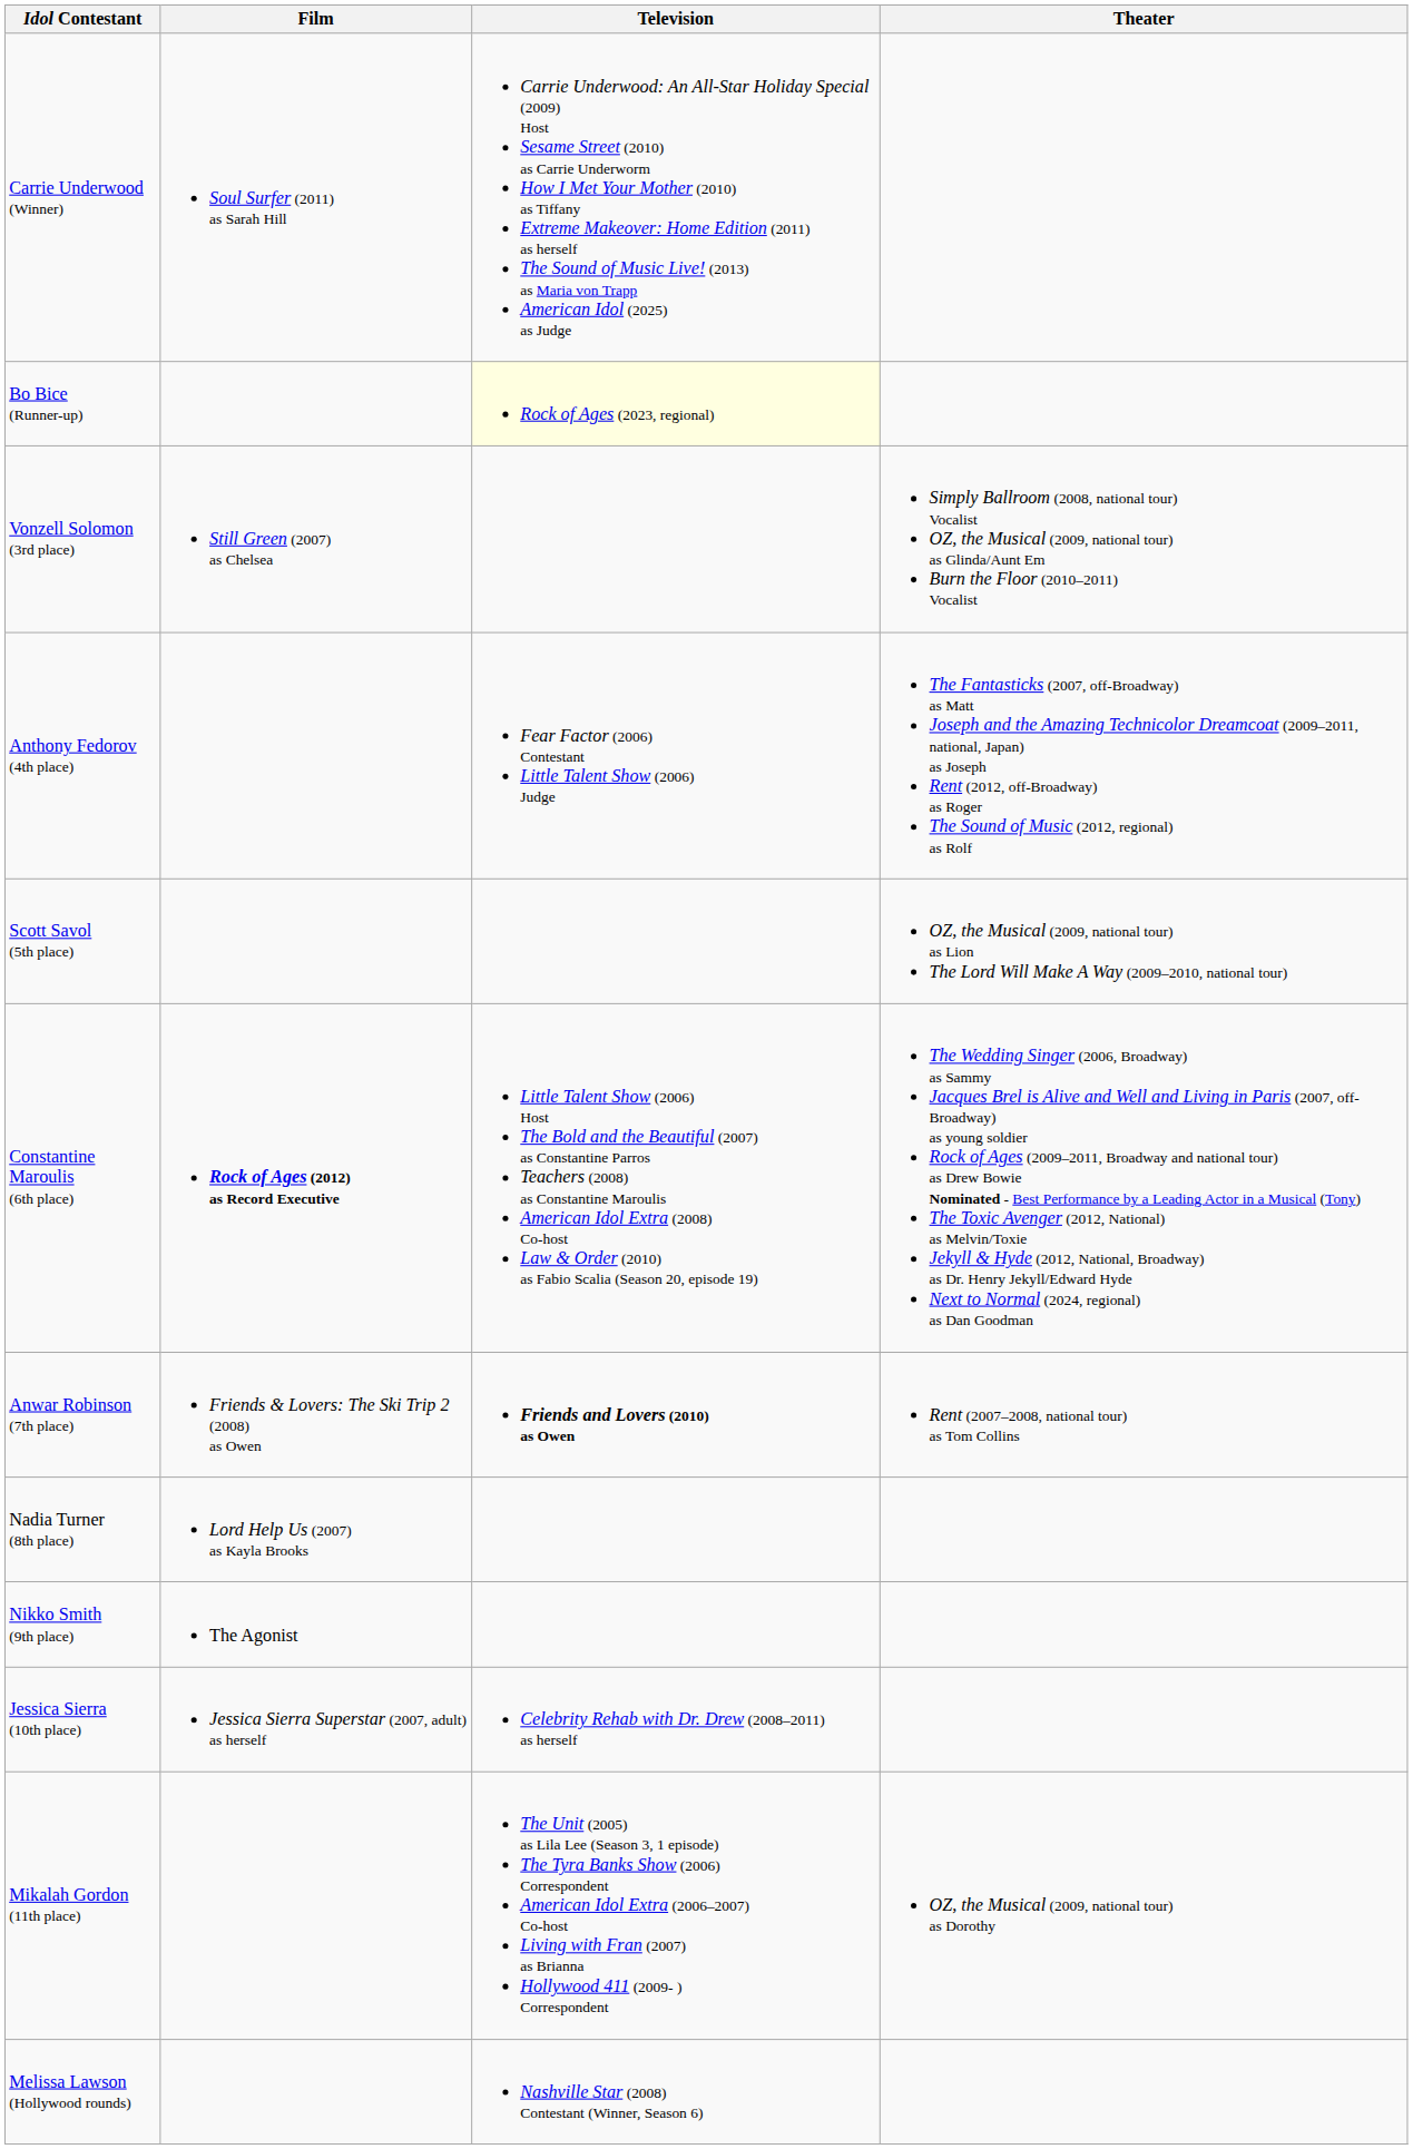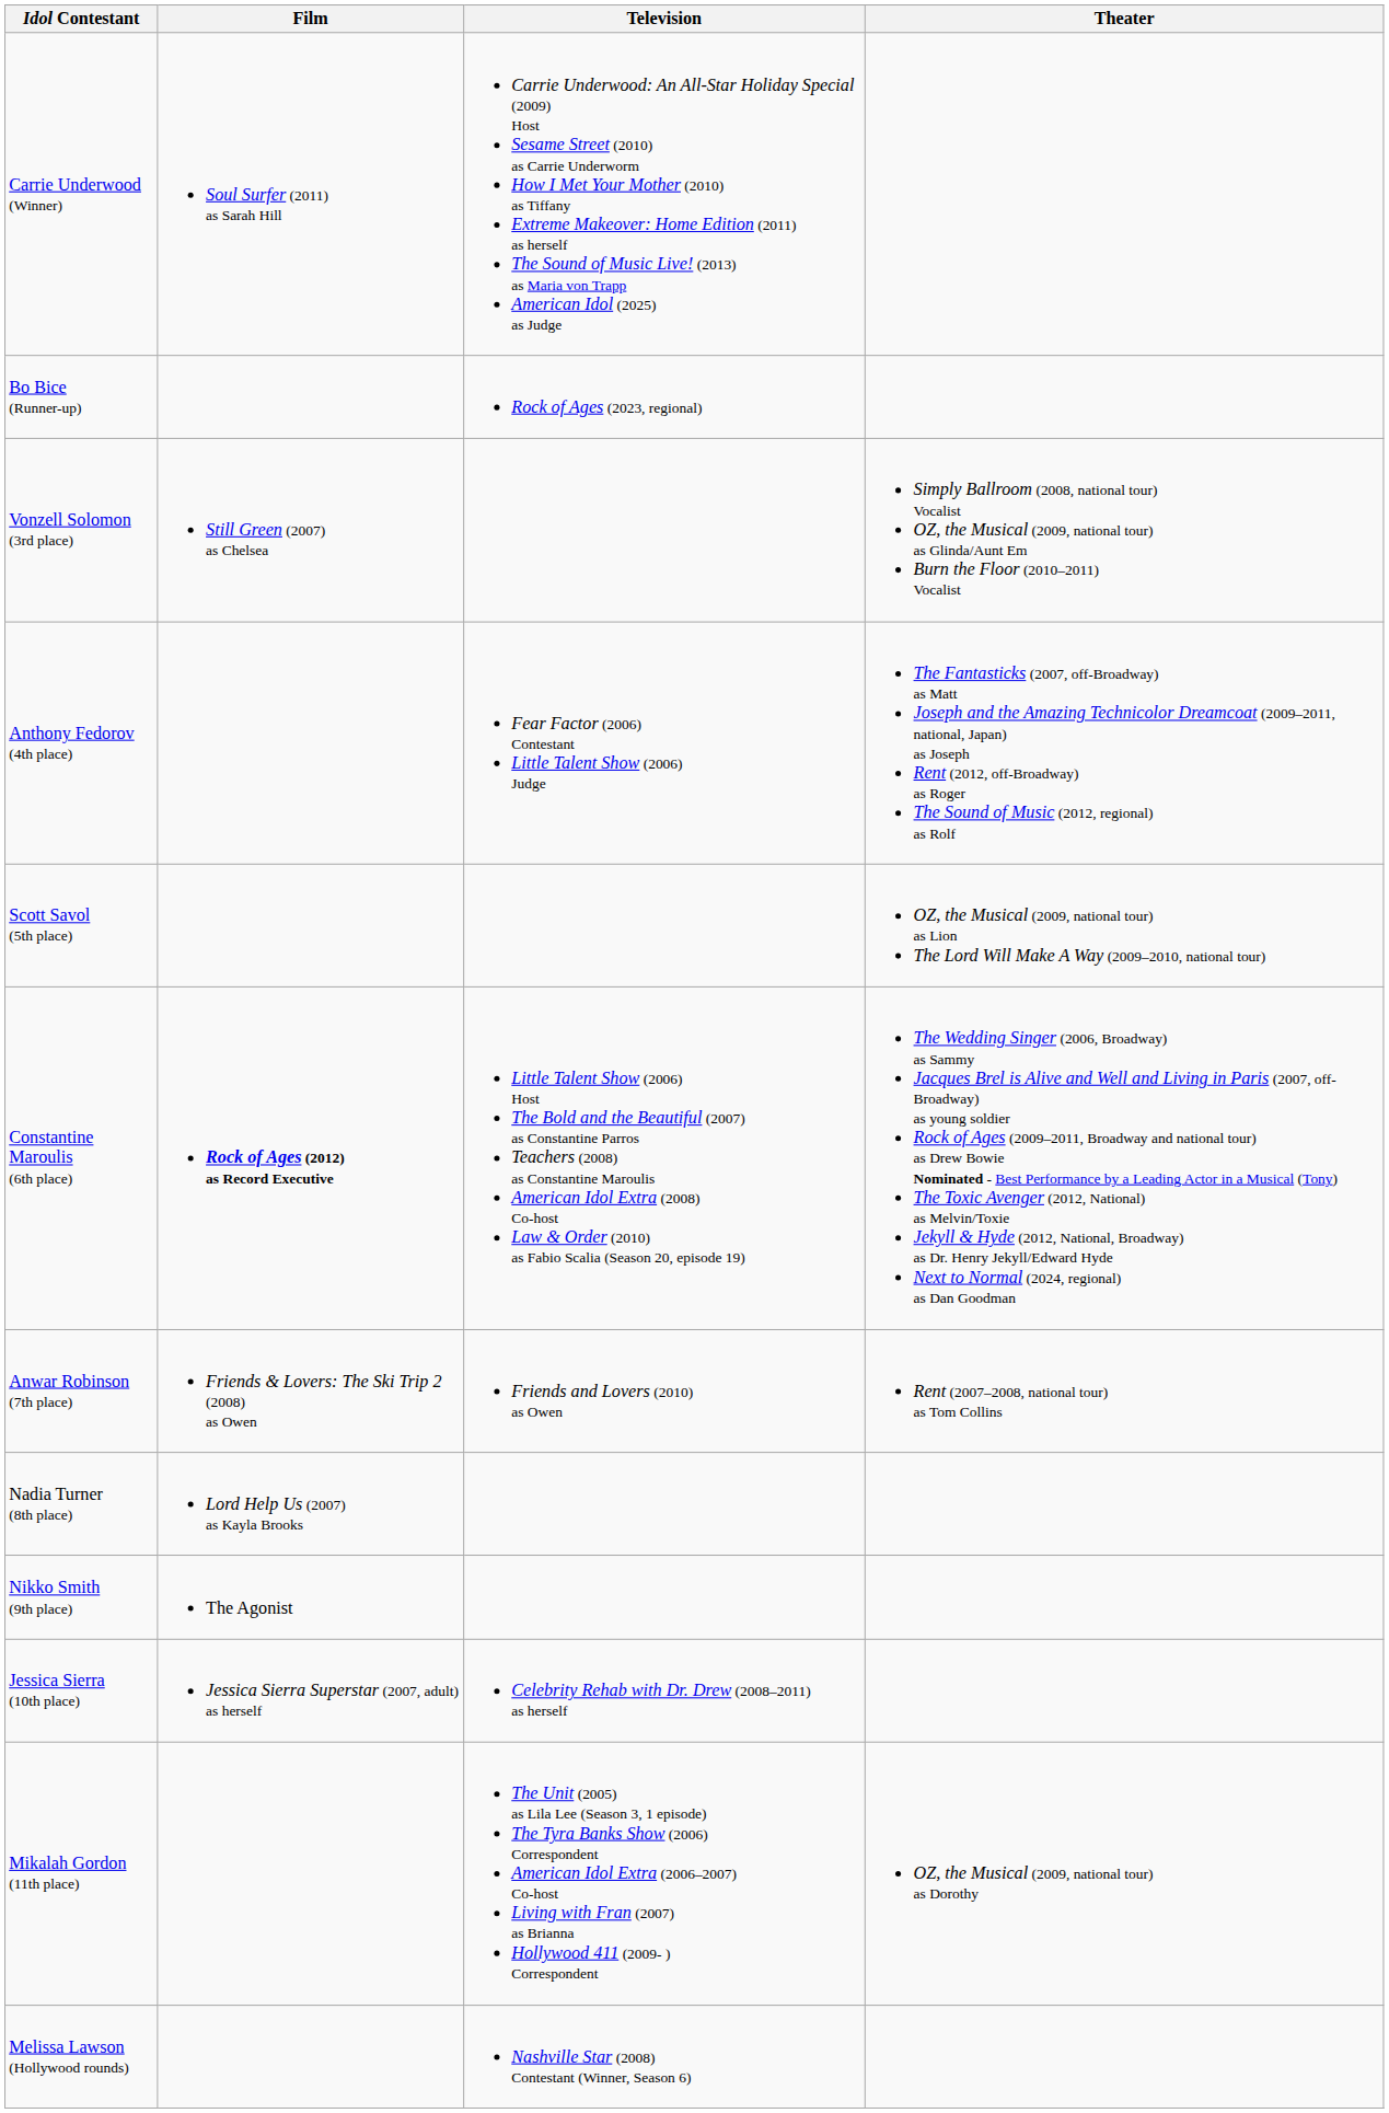 <table class="wikitable">
 <tr>
 <th><em>Idol</em> Contestant</th>
 <th>Film</th>
 <th>Television</th>
 <th>Theater</th>
 </tr>
 <tr>
 <td><a href='#'>Carrie Underwood</a><br><small>(Winner)</small></td>
 <td><br><ul><li><em><a href='#'>Soul Surfer</a></em><small> (2011)<br>as Sarah Hill</small></li></ul></td>
 <td><br><ul><li><em>Carrie Underwood: An All-Star Holiday Special</em><small> (2009)<br>Host</small></li><li><em><a href='#'>Sesame Street</a></em><small> (2010)<br>as Carrie Underworm</small></li><li><em><a href='#'>How I Met Your Mother</a></em><small> (2010)<br>as Tiffany</small></li><li><em><a href='#'>Extreme Makeover: Home Edition</a></em><small> (2011)<br>as herself</small></li><li><em><a href='#'>The Sound of Music Live!</a></em><small> (2013)<br>as <a href='#'>Maria von Trapp</a></small></li><li><em><a href='#'>American Idol</a></em><small> (2025)<br>as Judge</small></li></ul></td>
 <td></td>
 </tr>
 <tr>
 <td><a href='#'>Bo Bice</a><br><small>(Runner-up)</small></td>
 <td></td>
-<td style="background: lightyellow;"><br><ul><li><em><a href='#'>Rock of Ages</a></em><small> (2023, regional)</small></li></ul></td>
+<td><br><ul><li><em><a href='#'>Rock of Ages</a></em><small> (2023, regional)</small></li></ul></td>
 <td></td>
 </tr>
 <tr>
 <td><a href='#'>Vonzell Solomon</a><br><small>(3rd place)</small></td>
 <td><br><ul><li><em><a href='#'>Still Green</a></em><small> (2007)<br>as Chelsea</small></li></ul></td>
 <td></td>
 <td><br><ul><li><em>Simply Ballroom</em><small> (2008, national tour)<br>Vocalist</small></li><li><em>OZ, the Musical</em><small> (2009, national tour)<br>as Glinda/Aunt Em</small></li><li><em>Burn the Floor</em><small> (2010–2011)</small><br><small>Vocalist</small></li></ul></td>
 </tr>
 <tr>
 <td><a href='#'>Anthony Fedorov</a><br><small>(4th place)</small></td>
 <td></td>
 <td><br><ul><li><em>Fear Factor</em><small> (2006)<br>Contestant</small></li><li><em><a href='#'>Little Talent Show</a></em><small> (2006)<br>Judge</small></li></ul></td>
 <td><br><ul><li><em><a href='#'>The Fantasticks</a></em><small> (2007, off-Broadway)<br>as Matt</small></li><li><em><a href='#'>Joseph and the Amazing Technicolor Dreamcoat</a></em><small> (2009–2011, national, Japan)<br>as Joseph</small></li><li><em><a href='#'>Rent</a></em><small> (2012, off-Broadway)<br>as Roger</small></li><li><em><a href='#'>The Sound of Music</a></em><small> (2012, regional)<br>as Rolf</small></li></ul></td>
 </tr>
 <tr>
 <td><a href='#'>Scott Savol</a><br><small>(5th place)</small></td>
 <td></td>
 <td></td>
 <td><br><ul><li><em>OZ, the Musical</em><small> (2009, national tour)<br>as Lion</small></li><li><em>The Lord Will Make A Way</em><small> (2009–2010, national tour)</small></li></ul></td>
 </tr>
 <tr>
 <td><a href='#'>Constantine Maroulis</a><br><small> (6th place)</small></td>
 <td><strong><br><ul><li><em><a href='#'>Rock of Ages</a></em><small> (2012)<br>as Record Executive</small></li></ul></strong></td>
 <td><br><ul><li><em><a href='#'>Little Talent Show</a></em><small> (2006)<br>Host</small></li><li><em><a href='#'>The Bold and the Beautiful</a></em><small> (2007)<br>as Constantine Parros</small></li><li><em>Teachers</em><small> (2008)<br>as Constantine Maroulis</small></li><li><em><a href='#'>American Idol Extra</a></em><small> (2008)<br>Co-host</small></li><li><em><a href='#'>Law & Order</a></em><small> (2010)<br>as Fabio Scalia (Season 20, episode 19)</small></li></ul></td>
 <td><br><ul><li><em><a href='#'>The Wedding Singer</a></em><small> (2006, Broadway)<br>as Sammy</small></li><li><em><a href='#'>Jacques Brel is Alive and Well and Living in Paris</a></em><small> (2007, off-Broadway)<br>as young soldier</small></li><li><em><a href='#'>Rock of Ages</a></em><small> (2009–2011, Broadway and national tour)<br>as Drew Bowie<br><strong>Nominated</strong> - <a href='#'>Best Performance by a Leading Actor in a Musical</a> (<a href='#'>Tony</a>)</small></li><li><em><a href='#'>The Toxic Avenger</a></em><small> (2012, National)<br>as Melvin/Toxie</small></li><li><em><a href='#'>Jekyll & Hyde</a></em><small> (2012, National, Broadway)<br>as Dr. Henry Jekyll/Edward Hyde</small></li><li><em><a href='#'>Next to Normal</a></em><small> (2024, regional)<br> as Dan Goodman</small></li></ul></td>
 </tr>
 <tr>
 <td><a href='#'>Anwar Robinson</a><br><small>(7th place)</small></td>
 <td><br><ul><li><em>Friends & Lovers: The Ski Trip 2</em><small> (2008)<br>as Owen</small></li></ul></td>
-<td><strong><br><ul><li><em>Friends and Lovers</em><small> (2010)<br>as Owen</small></li></ul></strong></td>
+<td><br><ul><li><em>Friends and Lovers</em><small> (2010)<br>as Owen</small></li></ul></td>
 <td><br><ul><li><em>Rent</em><small> (2007–2008, national tour)<br>as Tom Collins</small></li></ul></td>
 </tr>
 <tr>
 <td>Nadia Turner<br><small>(8th place)</small></td>
 <td><br><ul><li><em>Lord Help Us</em><small> (2007)<br>as Kayla Brooks</small></li></ul></td>
 <td></td>
 <td></td>
 </tr>
 <tr>
 <td><a href='#'>Nikko Smith</a><br><small>(9th place)</small></td>
 <td><br><ul><li>The Agonist</li></ul></td>
 <td></td>
 <td></td>
 </tr>
 <tr>
 <td><a href='#'>Jessica Sierra</a><br><small>(10th place)</small></td>
 <td><br><ul><li><em>Jessica Sierra Superstar</em><small> (2007, adult)<br>as herself</small></li></ul></td>
 <td><br><ul><li><em><a href='#'>Celebrity Rehab with Dr. Drew</a></em><small> (2008–2011)<br>as herself</small></li></ul></td>
 <td></td>
 </tr>
 <tr>
 <td><a href='#'>Mikalah Gordon</a><br><small>(11th place)</small></td>
 <td></td>
 <td><br><ul><li><em><a href='#'>The Unit</a></em><small> (2005)<br>as Lila Lee (Season 3, 1 episode)</small></li><li><em><a href='#'>The Tyra Banks Show</a></em><small> (2006)<br>Correspondent</small></li><li><em><a href='#'>American Idol Extra</a></em><small> (2006–2007)<br>Co-host</small></li><li><em><a href='#'>Living with Fran</a></em><small> (2007)<br>as Brianna</small></li><li><em><a href='#'>Hollywood 411</a></em><small> (2009- )<br>Correspondent</small></li></ul></td>
 <td><br><ul><li><em>OZ, the Musical</em><small> (2009, national tour)<br>as Dorothy</small></li></ul></td>
 </tr>
 <tr>
 <td><a href='#'>Melissa Lawson</a><br><small>(Hollywood rounds)</small></td>
 <td></td>
 <td><br><ul><li><em><a href='#'>Nashville Star</a></em><small> (2008)<br>Contestant (Winner, Season 6)</small></li></ul></td>
 <td></td>
 </tr>
 <tr>
 </tr>
 </table>
